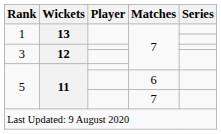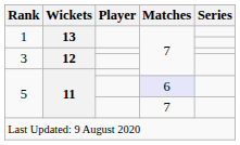 <table class="wikitable plainrowheaders sortable">
 <tr>
 <th scope=col>Rank</th>
 <th scope=col>Wickets</th>
 <th scope=col>Player</th>
 <th scope=col>Matches</th>
 <th scope=col>Series</th>
 </tr>
 <tr>
 <td align=center rowspan=2>1</td>
 <th scope=row style=text-align:center; rowspan=2>13</th>
 <td rowspan=2></td>
 <td align=center rowspan=5>7</td>
 <td></td>
 </tr>
 <tr>
 <td></td>
 </tr>
 <tr>
 <td align=center rowspan=2>3</td>
 <th scope=row style=text-align:center; rowspan=2>12</th>
 <td></td>
 <td></td>
 </tr>
 <tr>
 <td></td>
 <td rowspan=2></td>
 </tr>
 <tr>
 <td align=center rowspan=3>5</td>
 <th scope=row style=text-align:center; rowspan=3>11</th>
 <td></td>
 </tr>
 <tr>
 <td></td>
-<td align=center>6</td>
+<td align=center style="background: lavender;">6</td>
 <td></td>
 </tr>
 <tr>
 <td></td>
 <td align=center>7</td>
 <td></td>
 </tr>
 <tr class=sortbottom>
 <td colspan=5><small>Last Updated: 9 August 2020</small></td>
 </tr>
 </table>
